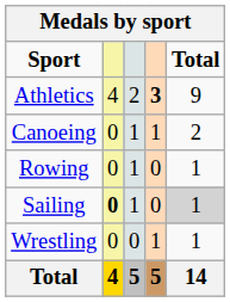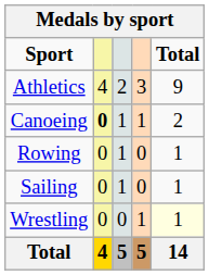 <table class="wikitable" style="text-align:center; font-size:85%; float:right">
 <tr style="background:#efefef;">
 <th colspan=7><strong>Medals by sport</strong></th>
 </tr>
 <tr>
 <td><strong>Sport</strong></td>
 <td style="background:#f7f6a8;"></td>
 <td style="background:#dce5e5;"></td>
 <td style="background:#ffdab9;"></td>
 <td><strong>Total</strong></td>
 </tr>
 <tr>
 <td><a href='#'>Athletics</a></td>
 <td style="background:#f7f6a8;">4</td>
 <td style="background:#dce5e5;">2</td>
-<td style="background:#ffdab9;"><strong>3</strong></td>
+<td style="background:#ffdab9;">3</td>
 <td>9</td>
 </tr>
 <tr>
 <td><a href='#'>Canoeing</a></td>
-<td style="background:#f7f6a8;">0</td>
+<td style="background:#f7f6a8;"><strong>0</strong></td>
 <td style="background:#dce5e5;">1</td>
 <td style="background:#ffdab9;">1</td>
 <td>2</td>
 </tr>
 <tr>
 <td><a href='#'>Rowing</a></td>
 <td style="background:#f7f6a8;">0</td>
 <td style="background:#dce5e5;">1</td>
 <td style="background:#ffdab9;">0</td>
 <td>1</td>
 </tr>
 <tr>
 <td><a href='#'>Sailing</a></td>
-<td style="background:#f7f6a8;"><strong>0</strong></td>
+<td style="background:#f7f6a8;">0</td>
 <td style="background:#dce5e5;">1</td>
 <td style="background:#ffdab9;">0</td>
-<td style="background: lightgrey;">1</td>
+<td>1</td>
 </tr>
 <tr>
 <td><a href='#'>Wrestling</a></td>
 <td style="background:#f7f6a8;">0</td>
 <td style="background:#dce5e5;">0</td>
 <td style="background:#ffdab9;">1</td>
-<td>1</td>
+<td style="background: lightyellow;">1</td>
 </tr>
 <tr>
 <th>Total</th>
 <th style="background:gold;">4</th>
 <th style="background:silver;">5</th>
 <th style="background:#c96;">5</th>
 <th>14</th>
 </tr>
 </table>
